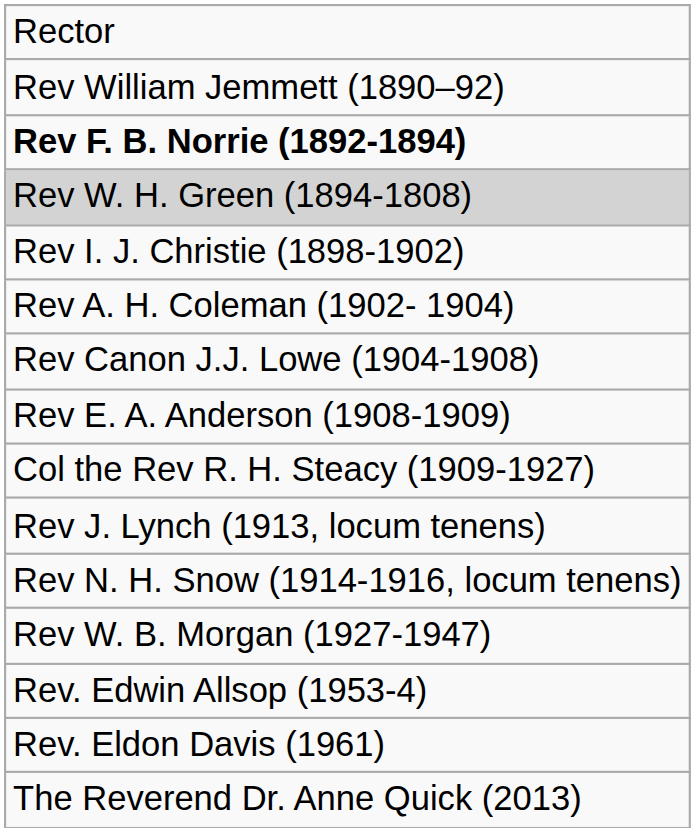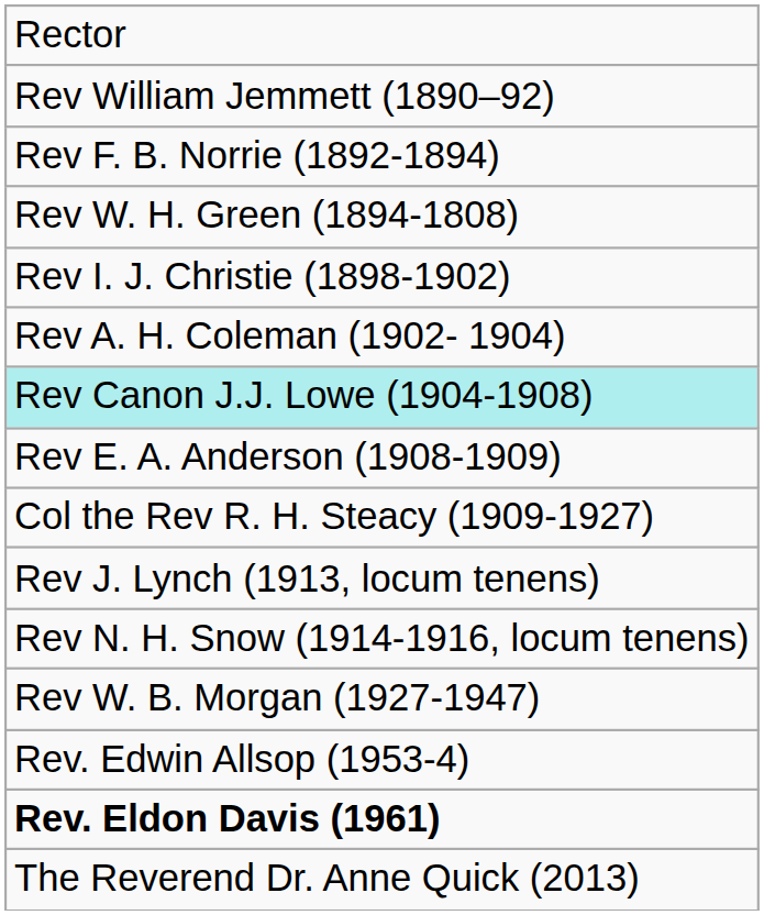 <table class="wikitable">
 <tr>
 <td>Rector</td>
 </tr>
 <tr>
 <td>Rev William Jemmett (1890–92)</td>
 </tr>
 <tr>
-<td><strong>Rev F. B. Norrie (1892-1894)</strong></td>
+<td>Rev F. B. Norrie (1892-1894)</td>
 </tr>
 <tr>
-<td style="background: lightgrey;">Rev W. H. Green (1894-1808)</td>
+<td>Rev W. H. Green (1894-1808)</td>
 </tr>
 <tr>
 <td>Rev I. J. Christie (1898-1902)</td>
 </tr>
 <tr>
 <td>Rev A. H. Coleman (1902- 1904)</td>
 </tr>
 <tr>
-<td>Rev Canon J.J. Lowe (1904-1908)</td>
+<td style="background: paleturquoise;">Rev Canon J.J. Lowe (1904-1908)</td>
 </tr>
 <tr>
 <td>Rev E. A. Anderson (1908-1909)</td>
 </tr>
 <tr>
 <td>Col the Rev R. H. Steacy (1909-1927)</td>
 </tr>
 <tr>
 <td>Rev J. Lynch (1913, locum tenens)</td>
 </tr>
 <tr>
 <td>Rev N. H. Snow (1914-1916, locum tenens)</td>
 </tr>
 <tr>
 <td>Rev W. B. Morgan (1927-1947)</td>
 </tr>
 <tr>
 <td>Rev. Edwin Allsop (1953-4)</td>
 </tr>
 <tr>
-<td>Rev. Eldon Davis (1961)</td>
+<td><strong>Rev. Eldon Davis (1961)</strong></td>
 </tr>
 <tr>
 <td>The Reverend Dr. Anne Quick (2013)</td>
 </tr>
 </table>
